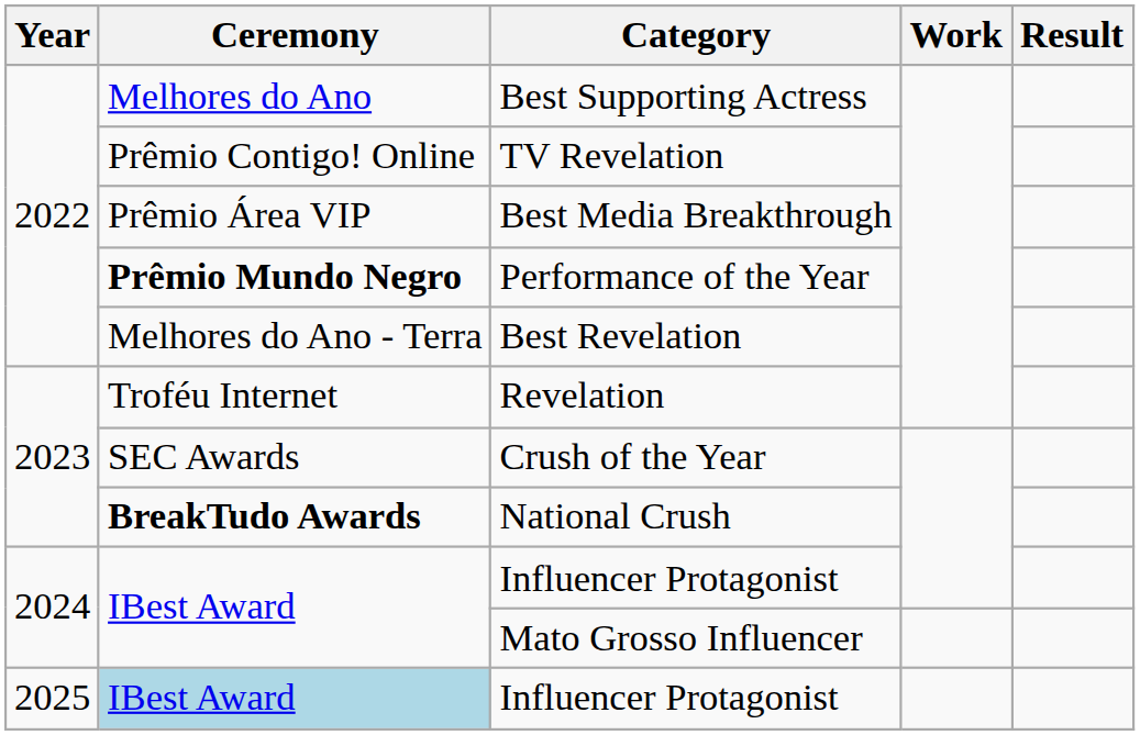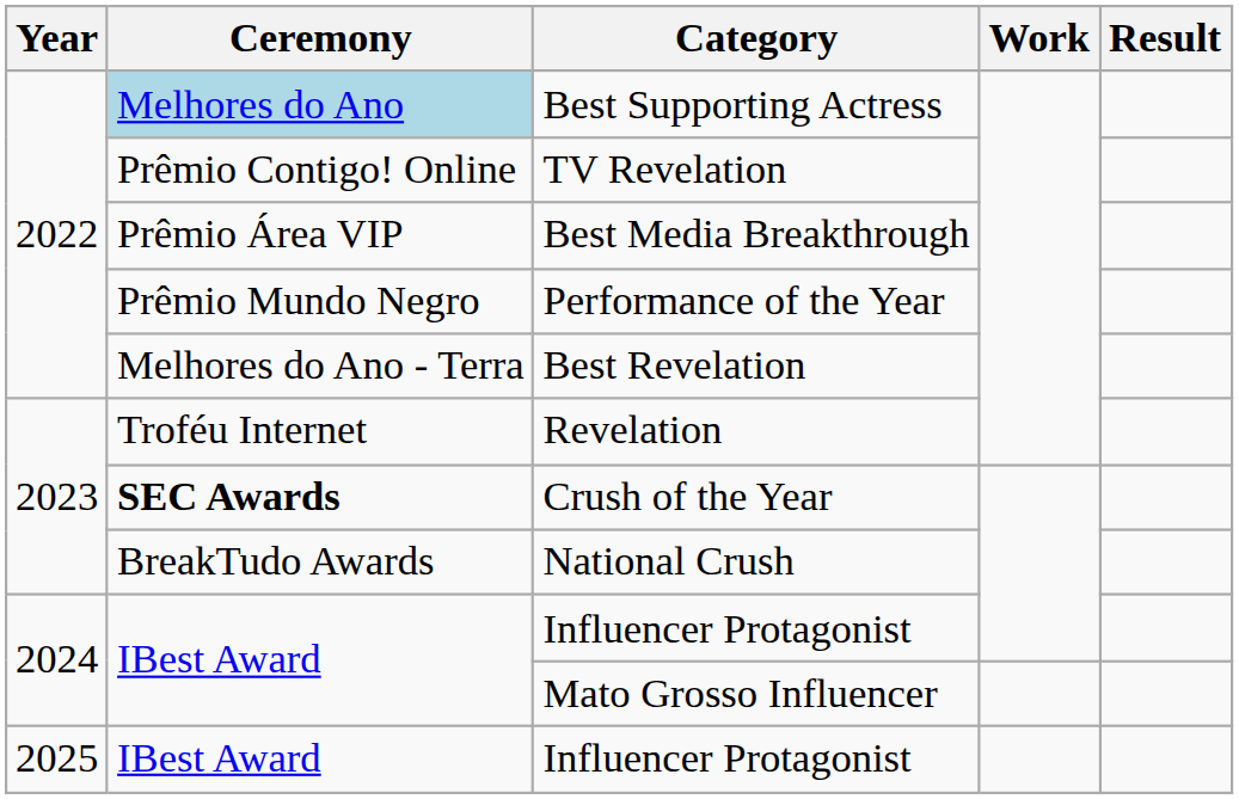 <table class="wikitable">
 <tr>
 <th>Year</th>
 <th>Ceremony</th>
 <th>Category</th>
 <th>Work</th>
 <th>Result</th>
 </tr>
 <tr>
 <td rowspan="5">2022</td>
-<td><a href='#'>Melhores do Ano</a></td>
+<td style="background: lightblue;"><a href='#'>Melhores do Ano</a></td>
 <td>Best Supporting Actress</td>
 <td rowspan="6"></td>
 <td></td>
 </tr>
 <tr>
 <td>Prêmio Contigo! Online</td>
 <td>TV Revelation</td>
 <td></td>
 </tr>
 <tr>
 <td>Prêmio Área VIP</td>
 <td>Best Media Breakthrough</td>
 <td></td>
 </tr>
 <tr>
-<td><strong>Prêmio Mundo Negro</strong></td>
+<td>Prêmio Mundo Negro</td>
 <td>Performance of the Year</td>
 <td></td>
 </tr>
 <tr>
 <td>Melhores do Ano - Terra</td>
 <td>Best Revelation</td>
 <td></td>
 </tr>
 <tr>
 <td rowspan="3">2023</td>
 <td>Troféu Internet</td>
 <td>Revelation</td>
 <td></td>
 </tr>
 <tr>
-<td>SEC Awards</td>
+<td><strong>SEC Awards</strong></td>
 <td>Crush of the Year</td>
 <td rowspan="3"></td>
 <td></td>
 </tr>
 <tr>
-<td><strong>BreakTudo Awards</strong></td>
+<td>BreakTudo Awards</td>
 <td>National Crush</td>
 <td></td>
 </tr>
 <tr>
 <td rowspan="2">2024</td>
 <td rowspan="2"><a href='#'>IBest Award</a></td>
 <td>Influencer Protagonist</td>
 <td></td>
 </tr>
 <tr>
 <td>Mato Grosso Influencer</td>
 <td></td>
 <td></td>
 </tr>
 <tr>
 <td>2025</td>
-<td style="background: lightblue;"><a href='#'>IBest Award</a></td>
+<td><a href='#'>IBest Award</a></td>
 <td>Influencer Protagonist</td>
 <td></td>
 <td></td>
 </tr>
 </table>
